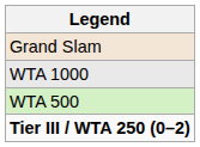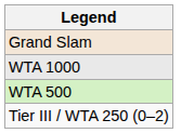 <table class=wikitable style="font-size:90%">
 <tr>
 <th>Legend</th>
 </tr>
 <tr>
 <td bgcolor=#f3e6d7>Grand Slam</td>
 </tr>
 <tr>
 <td bgcolor=#e9e9e9>WTA 1000</td>
 </tr>
 <tr>
 <td bgcolor=#d4f1c5>WTA 500</td>
 </tr>
 <tr>
-<td><strong>Tier III / WTA 250 (0–2)</strong></td>
+<td>Tier III / WTA 250 (0–2)</td>
 </tr>
 </table>
